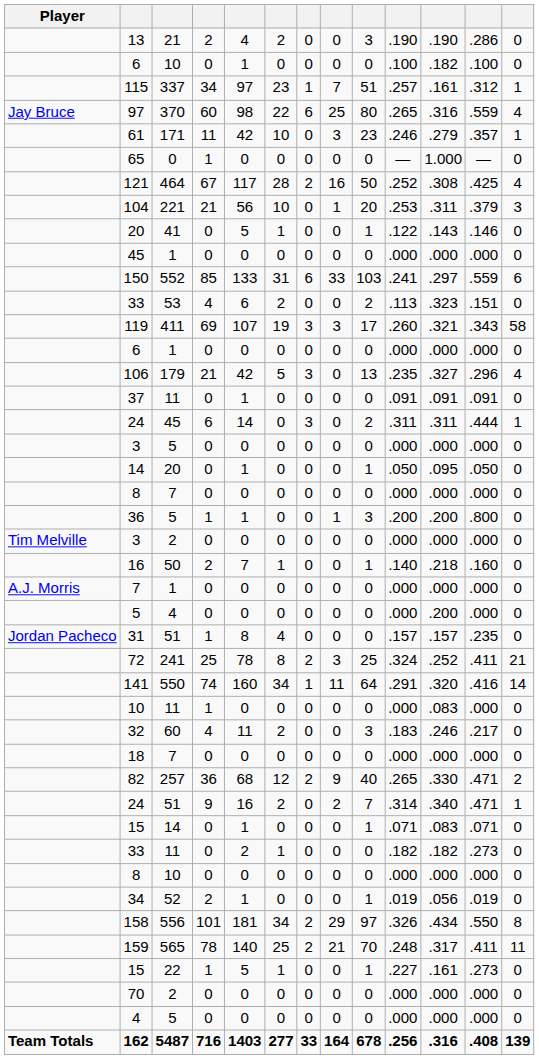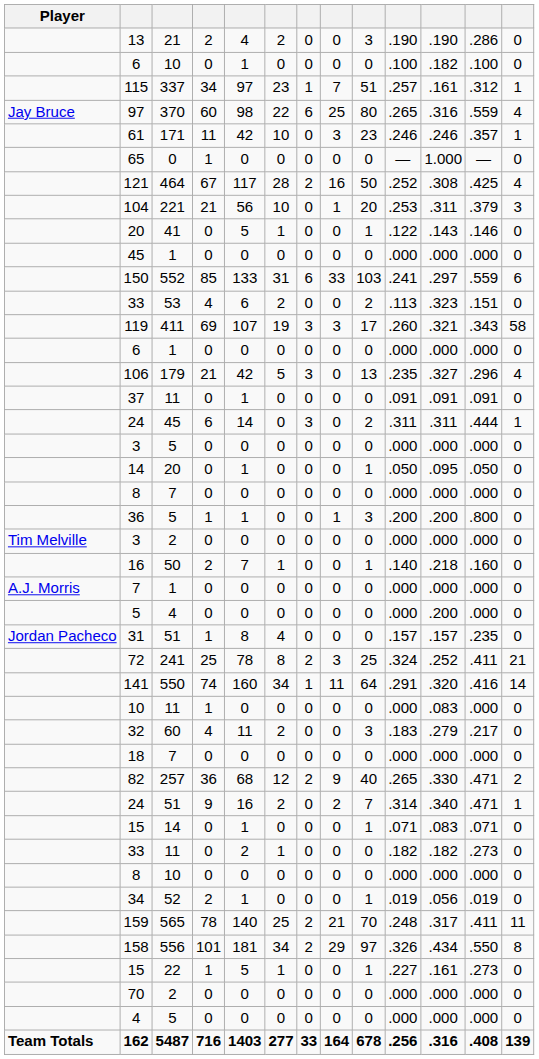 <table class="wikitable sortable" style="text-align:center;">
 <tr>
 <th>Player</th>
 <th></th>
 <th></th>
 <th></th>
 <th></th>
 <th></th>
 <th></th>
 <th></th>
 <th></th>
 <th></th>
 <th></th>
 <th></th>
 <th></th>
 </tr>
 <tr>
 <td align="left"></td>
 <td>13</td>
 <td>21</td>
 <td>2</td>
 <td>4</td>
 <td>2</td>
 <td>0</td>
 <td>0</td>
 <td>3</td>
 <td>.190</td>
 <td>.190</td>
 <td>.286</td>
 <td>0</td>
 </tr>
 <tr>
 <td align="left"></td>
 <td>6</td>
 <td>10</td>
 <td>0</td>
 <td>1</td>
 <td>0</td>
 <td>0</td>
 <td>0</td>
 <td>0</td>
 <td>.100</td>
 <td>.182</td>
 <td>.100</td>
 <td>0</td>
 </tr>
 <tr>
 <td align="left"><strong></strong></td>
 <td>115</td>
 <td>337</td>
 <td>34</td>
 <td>97</td>
 <td>23</td>
 <td>1</td>
 <td>7</td>
 <td>51</td>
 <td>.257</td>
 <td>.161</td>
 <td>.312</td>
 <td>1</td>
 </tr>
 <tr>
 <td align="left"><a href='#'>Jay Bruce</a></td>
 <td>97</td>
 <td>370</td>
 <td>60</td>
 <td>98</td>
 <td>22</td>
 <td>6</td>
 <td>25</td>
 <td>80</td>
 <td>.265</td>
 <td>.316</td>
 <td>.559</td>
 <td>4</td>
 </tr>
 <tr>
 <td align="left"></td>
 <td>61</td>
 <td>171</td>
 <td>11</td>
 <td>42</td>
 <td>10</td>
 <td>0</td>
 <td>3</td>
 <td>23</td>
 <td>.246</td>
-<td>.279</td>
+<td>.246</td>
 <td>.357</td>
 <td>1</td>
 </tr>
 <tr>
 <td align="left"></td>
 <td>65</td>
 <td>0</td>
 <td>1</td>
 <td>0</td>
 <td>0</td>
 <td>0</td>
 <td>0</td>
 <td>0</td>
 <td>—</td>
 <td>1.000</td>
 <td>—</td>
 <td>0</td>
 </tr>
 <tr>
 <td align="left"></td>
 <td>121</td>
 <td>464</td>
 <td>67</td>
 <td>117</td>
 <td>28</td>
 <td>2</td>
 <td>16</td>
 <td>50</td>
 <td>.252</td>
 <td>.308</td>
 <td>.425</td>
 <td>4</td>
 </tr>
 <tr>
 <td align="left"></td>
 <td>104</td>
 <td>221</td>
 <td>21</td>
 <td>56</td>
 <td>10</td>
 <td>0</td>
 <td>1</td>
 <td>20</td>
 <td>.253</td>
 <td>.311</td>
 <td>.379</td>
 <td>3</td>
 </tr>
 <tr>
 <td align="left"><strong></strong></td>
 <td>20</td>
 <td>41</td>
 <td>0</td>
 <td>5</td>
 <td>1</td>
 <td>0</td>
 <td>0</td>
 <td>1</td>
 <td>.122</td>
 <td>.143</td>
 <td>.146</td>
 <td>0</td>
 </tr>
 <tr>
 <td align="left"></td>
 <td>45</td>
 <td>1</td>
 <td>0</td>
 <td>0</td>
 <td>0</td>
 <td>0</td>
 <td>0</td>
 <td>0</td>
 <td>.000</td>
 <td>.000</td>
 <td>.000</td>
 <td>0</td>
 </tr>
 <tr>
 <td align="left"><strong></strong></td>
 <td>150</td>
 <td>552</td>
 <td>85</td>
 <td>133</td>
 <td>31</td>
 <td>6</td>
 <td>33</td>
 <td>103</td>
 <td>.241</td>
 <td>.297</td>
 <td>.559</td>
 <td>6</td>
 </tr>
 <tr>
 <td align="left"></td>
 <td>33</td>
 <td>53</td>
 <td>4</td>
 <td>6</td>
 <td>2</td>
 <td>0</td>
 <td>0</td>
 <td>2</td>
 <td>.113</td>
 <td>.323</td>
 <td>.151</td>
 <td>0</td>
 </tr>
 <tr>
 <td align="left"></td>
 <td>119</td>
 <td>411</td>
 <td>69</td>
 <td>107</td>
 <td>19</td>
 <td>3</td>
 <td>3</td>
 <td>17</td>
 <td>.260</td>
 <td>.321</td>
 <td>.343</td>
 <td>58</td>
 </tr>
 <tr>
 <td align="left"></td>
 <td>6</td>
 <td>1</td>
 <td>0</td>
 <td>0</td>
 <td>0</td>
 <td>0</td>
 <td>0</td>
 <td>0</td>
 <td>.000</td>
 <td>.000</td>
 <td>.000</td>
 <td>0</td>
 </tr>
 <tr>
 <td align="left"></td>
 <td>106</td>
 <td>179</td>
 <td>21</td>
 <td>42</td>
 <td>5</td>
 <td>3</td>
 <td>0</td>
 <td>13</td>
 <td>.235</td>
 <td>.327</td>
 <td>.296</td>
 <td>4</td>
 </tr>
 <tr>
 <td align="left"><strong></strong></td>
 <td>37</td>
 <td>11</td>
 <td>0</td>
 <td>1</td>
 <td>0</td>
 <td>0</td>
 <td>0</td>
 <td>0</td>
 <td>.091</td>
 <td>.091</td>
 <td>.091</td>
 <td>0</td>
 </tr>
 <tr>
 <td align="left"></td>
 <td>24</td>
 <td>45</td>
 <td>6</td>
 <td>14</td>
 <td>0</td>
 <td>3</td>
 <td>0</td>
 <td>2</td>
 <td>.311</td>
 <td>.311</td>
 <td>.444</td>
 <td>1</td>
 </tr>
 <tr>
 <td align="left"></td>
 <td>3</td>
 <td>5</td>
 <td>0</td>
 <td>0</td>
 <td>0</td>
 <td>0</td>
 <td>0</td>
 <td>0</td>
 <td>.000</td>
 <td>.000</td>
 <td>.000</td>
 <td>0</td>
 </tr>
 <tr>
 <td align="left"></td>
 <td>14</td>
 <td>20</td>
 <td>0</td>
 <td>1</td>
 <td>0</td>
 <td>0</td>
 <td>0</td>
 <td>1</td>
 <td>.050</td>
 <td>.095</td>
 <td>.050</td>
 <td>0</td>
 </tr>
 <tr>
 <td align="left"></td>
 <td>8</td>
 <td>7</td>
 <td>0</td>
 <td>0</td>
 <td>0</td>
 <td>0</td>
 <td>0</td>
 <td>0</td>
 <td>.000</td>
 <td>.000</td>
 <td>.000</td>
 <td>0</td>
 </tr>
 <tr>
 <td align="left"><strong></strong></td>
 <td>36</td>
 <td>5</td>
 <td>1</td>
 <td>1</td>
 <td>0</td>
 <td>0</td>
 <td>1</td>
 <td>3</td>
 <td>.200</td>
 <td>.200</td>
 <td>.800</td>
 <td>0</td>
 </tr>
 <tr>
 <td align="left"><a href='#'>Tim Melville</a></td>
 <td>3</td>
 <td>2</td>
 <td>0</td>
 <td>0</td>
 <td>0</td>
 <td>0</td>
 <td>0</td>
 <td>0</td>
 <td>.000</td>
 <td>.000</td>
 <td>.000</td>
 <td>0</td>
 </tr>
 <tr>
 <td align="left"></td>
 <td>16</td>
 <td>50</td>
 <td>2</td>
 <td>7</td>
 <td>1</td>
 <td>0</td>
 <td>0</td>
 <td>1</td>
 <td>.140</td>
 <td>.218</td>
 <td>.160</td>
 <td>0</td>
 </tr>
 <tr>
 <td align="left"><a href='#'>A.J. Morris</a></td>
 <td>7</td>
 <td>1</td>
 <td>0</td>
 <td>0</td>
 <td>0</td>
 <td>0</td>
 <td>0</td>
 <td>0</td>
 <td>.000</td>
 <td>.000</td>
 <td>.000</td>
 <td>0</td>
 </tr>
 <tr>
 <td align="left"></td>
 <td>5</td>
 <td>4</td>
 <td>0</td>
 <td>0</td>
 <td>0</td>
 <td>0</td>
 <td>0</td>
 <td>0</td>
 <td>.000</td>
 <td>.200</td>
 <td>.000</td>
 <td>0</td>
 </tr>
 <tr>
 <td align="left"><a href='#'>Jordan Pacheco</a></td>
 <td>31</td>
 <td>51</td>
 <td>1</td>
 <td>8</td>
 <td>4</td>
 <td>0</td>
 <td>0</td>
 <td>0</td>
 <td>.157</td>
 <td>.157</td>
 <td>.235</td>
 <td>0</td>
 </tr>
 <tr>
 <td align="left"></td>
 <td>72</td>
 <td>241</td>
 <td>25</td>
 <td>78</td>
 <td>8</td>
 <td>2</td>
 <td>3</td>
 <td>25</td>
 <td>.324</td>
 <td>.252</td>
 <td>.411</td>
 <td>21</td>
 </tr>
 <tr>
 <td align="left"></td>
 <td>141</td>
 <td>550</td>
 <td>74</td>
 <td>160</td>
 <td>34</td>
 <td>1</td>
 <td>11</td>
 <td>64</td>
 <td>.291</td>
 <td>.320</td>
 <td>.416</td>
 <td>14</td>
 </tr>
 <tr>
 <td align="left"></td>
 <td>10</td>
 <td>11</td>
 <td>1</td>
 <td>0</td>
 <td>0</td>
 <td>0</td>
 <td>0</td>
 <td>0</td>
 <td>.000</td>
 <td>.083</td>
 <td>.000</td>
 <td>0</td>
 </tr>
 <tr>
 <td align="left"></td>
 <td>32</td>
 <td>60</td>
 <td>4</td>
 <td>11</td>
 <td>2</td>
 <td>0</td>
 <td>0</td>
 <td>3</td>
 <td>.183</td>
-<td>.246</td>
+<td>.279</td>
 <td>.217</td>
 <td>0</td>
 </tr>
 <tr>
 <td align="left"></td>
 <td>18</td>
 <td>7</td>
 <td>0</td>
 <td>0</td>
 <td>0</td>
 <td>0</td>
 <td>0</td>
 <td>0</td>
 <td>.000</td>
 <td>.000</td>
 <td>.000</td>
 <td>0</td>
 </tr>
 <tr>
 <td align="left"></td>
 <td>82</td>
 <td>257</td>
 <td>36</td>
 <td>68</td>
 <td>12</td>
 <td>2</td>
 <td>9</td>
 <td>40</td>
 <td>.265</td>
 <td>.330</td>
 <td>.471</td>
 <td>2</td>
 </tr>
 <tr>
 <td align="left"></td>
 <td>24</td>
 <td>51</td>
 <td>9</td>
 <td>16</td>
 <td>2</td>
 <td>0</td>
 <td>2</td>
 <td>7</td>
 <td>.314</td>
 <td>.340</td>
 <td>.471</td>
 <td>1</td>
 </tr>
 <tr>
 <td align="left"></td>
 <td>15</td>
 <td>14</td>
 <td>0</td>
 <td>1</td>
 <td>0</td>
 <td>0</td>
 <td>0</td>
 <td>1</td>
 <td>.071</td>
 <td>.083</td>
 <td>.071</td>
 <td>0</td>
 </tr>
 <tr>
 <td align="left"></td>
 <td>33</td>
 <td>11</td>
 <td>0</td>
 <td>2</td>
 <td>1</td>
 <td>0</td>
 <td>0</td>
 <td>0</td>
 <td>.182</td>
 <td>.182</td>
 <td>.273</td>
 <td>0</td>
 </tr>
 <tr>
 <td align="left"></td>
 <td>8</td>
 <td>10</td>
 <td>0</td>
 <td>0</td>
 <td>0</td>
 <td>0</td>
 <td>0</td>
 <td>0</td>
 <td>.000</td>
 <td>.000</td>
 <td>.000</td>
 <td>0</td>
 </tr>
 <tr>
 <td align="left"></td>
 <td>34</td>
 <td>52</td>
 <td>2</td>
 <td>1</td>
 <td>0</td>
 <td>0</td>
 <td>0</td>
 <td>1</td>
 <td>.019</td>
 <td>.056</td>
 <td>.019</td>
 <td>0</td>
 </tr>
 <tr>
 <td align="left"><strong></strong></td>
+<td>159</td>
+<td>565</td>
+<td>78</td>
+<td>140</td>
+<td>25</td>
+<td>2</td>
+<td>21</td>
+<td>70</td>
+<td>.248</td>
+<td>.317</td>
+<td>.411</td>
+<td>11</td>
+</tr>
+<tr>
+<td align="left"><strong></strong></td>
 <td>158</td>
 <td>556</td>
 <td>101</td>
 <td>181</td>
 <td>34</td>
 <td>2</td>
 <td>29</td>
 <td>97</td>
 <td>.326</td>
 <td>.434</td>
 <td>.550</td>
 <td>8</td>
-</tr>
-<tr>
-<td align="left"><strong></strong></td>
-<td>159</td>
-<td>565</td>
-<td>78</td>
-<td>140</td>
-<td>25</td>
-<td>2</td>
-<td>21</td>
-<td>70</td>
-<td>.248</td>
-<td>.317</td>
-<td>.411</td>
-<td>11</td>
 </tr>
 <tr>
 <td align="left"></td>
 <td>15</td>
 <td>22</td>
 <td>1</td>
 <td>5</td>
 <td>1</td>
 <td>0</td>
 <td>0</td>
 <td>1</td>
 <td>.227</td>
 <td>.161</td>
 <td>.273</td>
 <td>0</td>
 </tr>
 <tr>
 <td align="left"></td>
 <td>70</td>
 <td>2</td>
 <td>0</td>
 <td>0</td>
 <td>0</td>
 <td>0</td>
 <td>0</td>
 <td>0</td>
 <td>.000</td>
 <td>.000</td>
 <td>.000</td>
 <td>0</td>
 </tr>
 <tr>
 <td align="left"></td>
 <td>4</td>
 <td>5</td>
 <td>0</td>
 <td>0</td>
 <td>0</td>
 <td>0</td>
 <td>0</td>
 <td>0</td>
 <td>.000</td>
 <td>.000</td>
 <td>.000</td>
 <td>0</td>
 </tr>
 <tr>
 <td align="left"><strong>Team Totals</strong></td>
 <td><strong>162</strong></td>
 <td><strong>5487</strong></td>
 <td><strong>716</strong></td>
 <td><strong>1403</strong></td>
 <td><strong>277</strong></td>
 <td><strong>33</strong></td>
 <td><strong>164</strong></td>
 <td><strong>678</strong></td>
 <td><strong>.256</strong></td>
 <td><strong>.316</strong></td>
 <td><strong>.408</strong></td>
 <td><strong>139</strong></td>
 </tr>
 </table>
